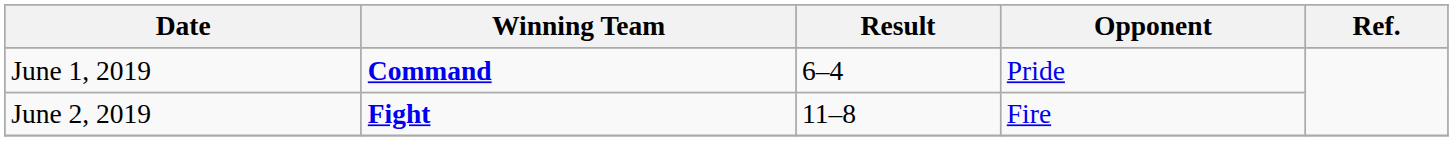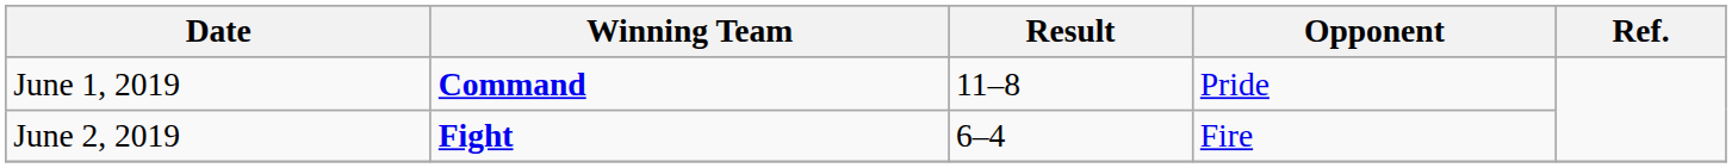 <table class="wikitable" style="text-align:left; width:95%;" style="text-align:center">
 <tr>
 <th style="text-align:center; ">Date</th>
 <th style="text-align:center; ">Winning Team</th>
 <th style="text-align:center; ">Result</th>
 <th style="text-align:center; ">Opponent</th>
 <th style="text-align:center; ">Ref.</th>
 </tr>
 <tr>
 <td>June 1, 2019</td>
 <td><strong><a href='#'>Command</a></strong></td>
-<td>6–4</td>
+<td>11–8</td>
 <td><a href='#'>Pride</a></td>
 <td rowspan="2"></td>
 </tr>
 <tr>
 <td>June 2, 2019</td>
 <td><strong><a href='#'>Fight</a></strong></td>
-<td>11–8</td>
+<td>6–4</td>
 <td><a href='#'>Fire</a></td>
 </tr>
 <tr>
 </tr>
 </table>
